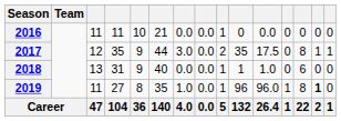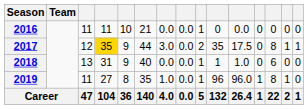 <table class="wikitable sortable" style="text-align:center">
 <tr>
 <th>Season</th>
 <th>Team</th>
 <th></th>
 <th></th>
 <th></th>
 <th></th>
 <th></th>
 <th></th>
 <th></th>
 <th></th>
 <th></th>
 <th></th>
 <th></th>
 <th></th>
 <th></th>
 </tr>
 <tr>
 <th><a href='#'>2016</a></th>
 <td rowspan="4" style=></td>
 <td>11</td>
 <td>11</td>
 <td>10</td>
 <td>21</td>
 <td>0.0</td>
 <td>0.0</td>
 <td>1</td>
 <td>0</td>
 <td>0.0</td>
 <td>0</td>
 <td>0</td>
 <td>0</td>
 <td>0</td>
 </tr>
 <tr>
 <th><a href='#'>2017</a></th>
 <td>12</td>
-<td>35</td>
+<td style="background: gold;">35</td>
 <td>9</td>
 <td>44</td>
 <td>3.0</td>
 <td>0.0</td>
 <td>2</td>
 <td>35</td>
 <td>17.5</td>
 <td>0</td>
 <td>8</td>
 <td>1</td>
 <td>1</td>
 </tr>
 <tr>
 <th><a href='#'>2018</a></th>
 <td>13</td>
 <td>31</td>
 <td>9</td>
 <td>40</td>
 <td>0.0</td>
 <td>0.0</td>
 <td>1</td>
 <td>1</td>
 <td>1.0</td>
 <td>0</td>
 <td>6</td>
 <td>0</td>
 <td>0</td>
 </tr>
 <tr>
 <th><a href='#'>2019</a></th>
 <td>11</td>
 <td>27</td>
 <td>8</td>
 <td>35</td>
 <td>1.0</td>
 <td>0.0</td>
 <td>1</td>
 <td>96</td>
 <td>96.0</td>
 <td>1</td>
 <td>8</td>
-<td><strong>1</strong></td>
+<td>1</td>
 <td>0</td>
 </tr>
 <tr>
 <th colspan="2">Career</th>
 <th>47</th>
 <th>104</th>
 <th>36</th>
 <th>140</th>
 <th>4.0</th>
 <th>0.0</th>
 <th>5</th>
 <th>132</th>
 <th>26.4</th>
 <th>1</th>
 <th>22</th>
 <th>2</th>
 <th>1</th>
 </tr>
 </table>
